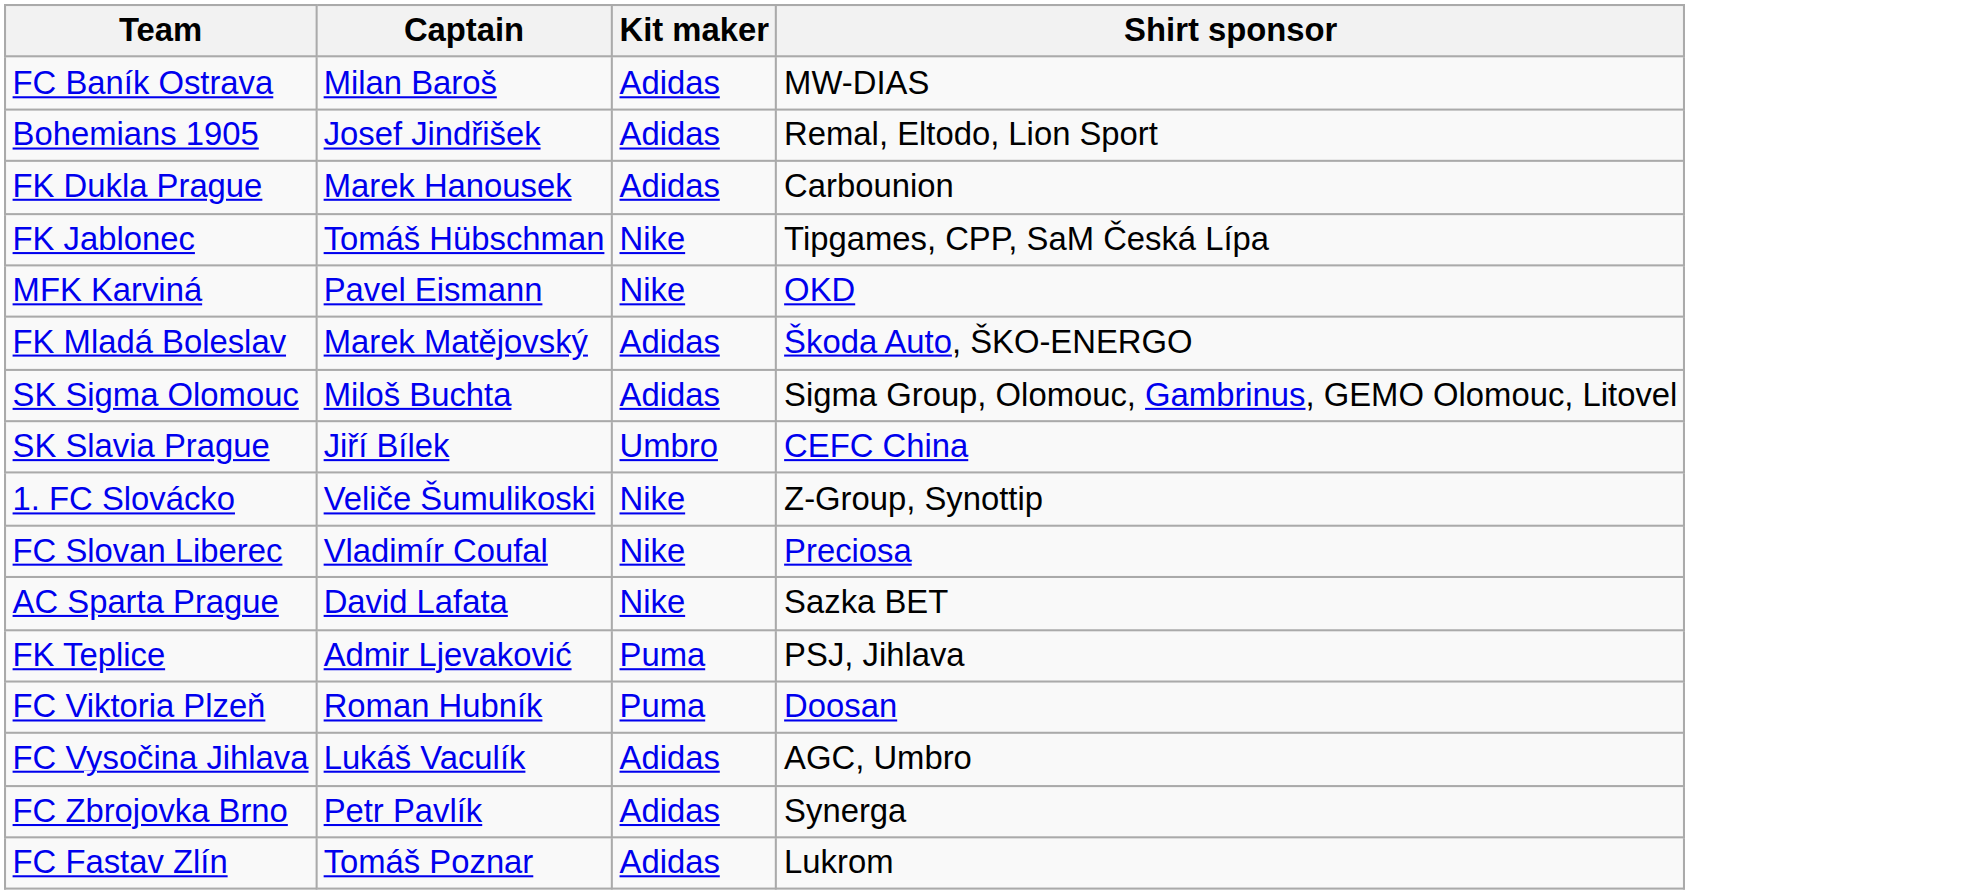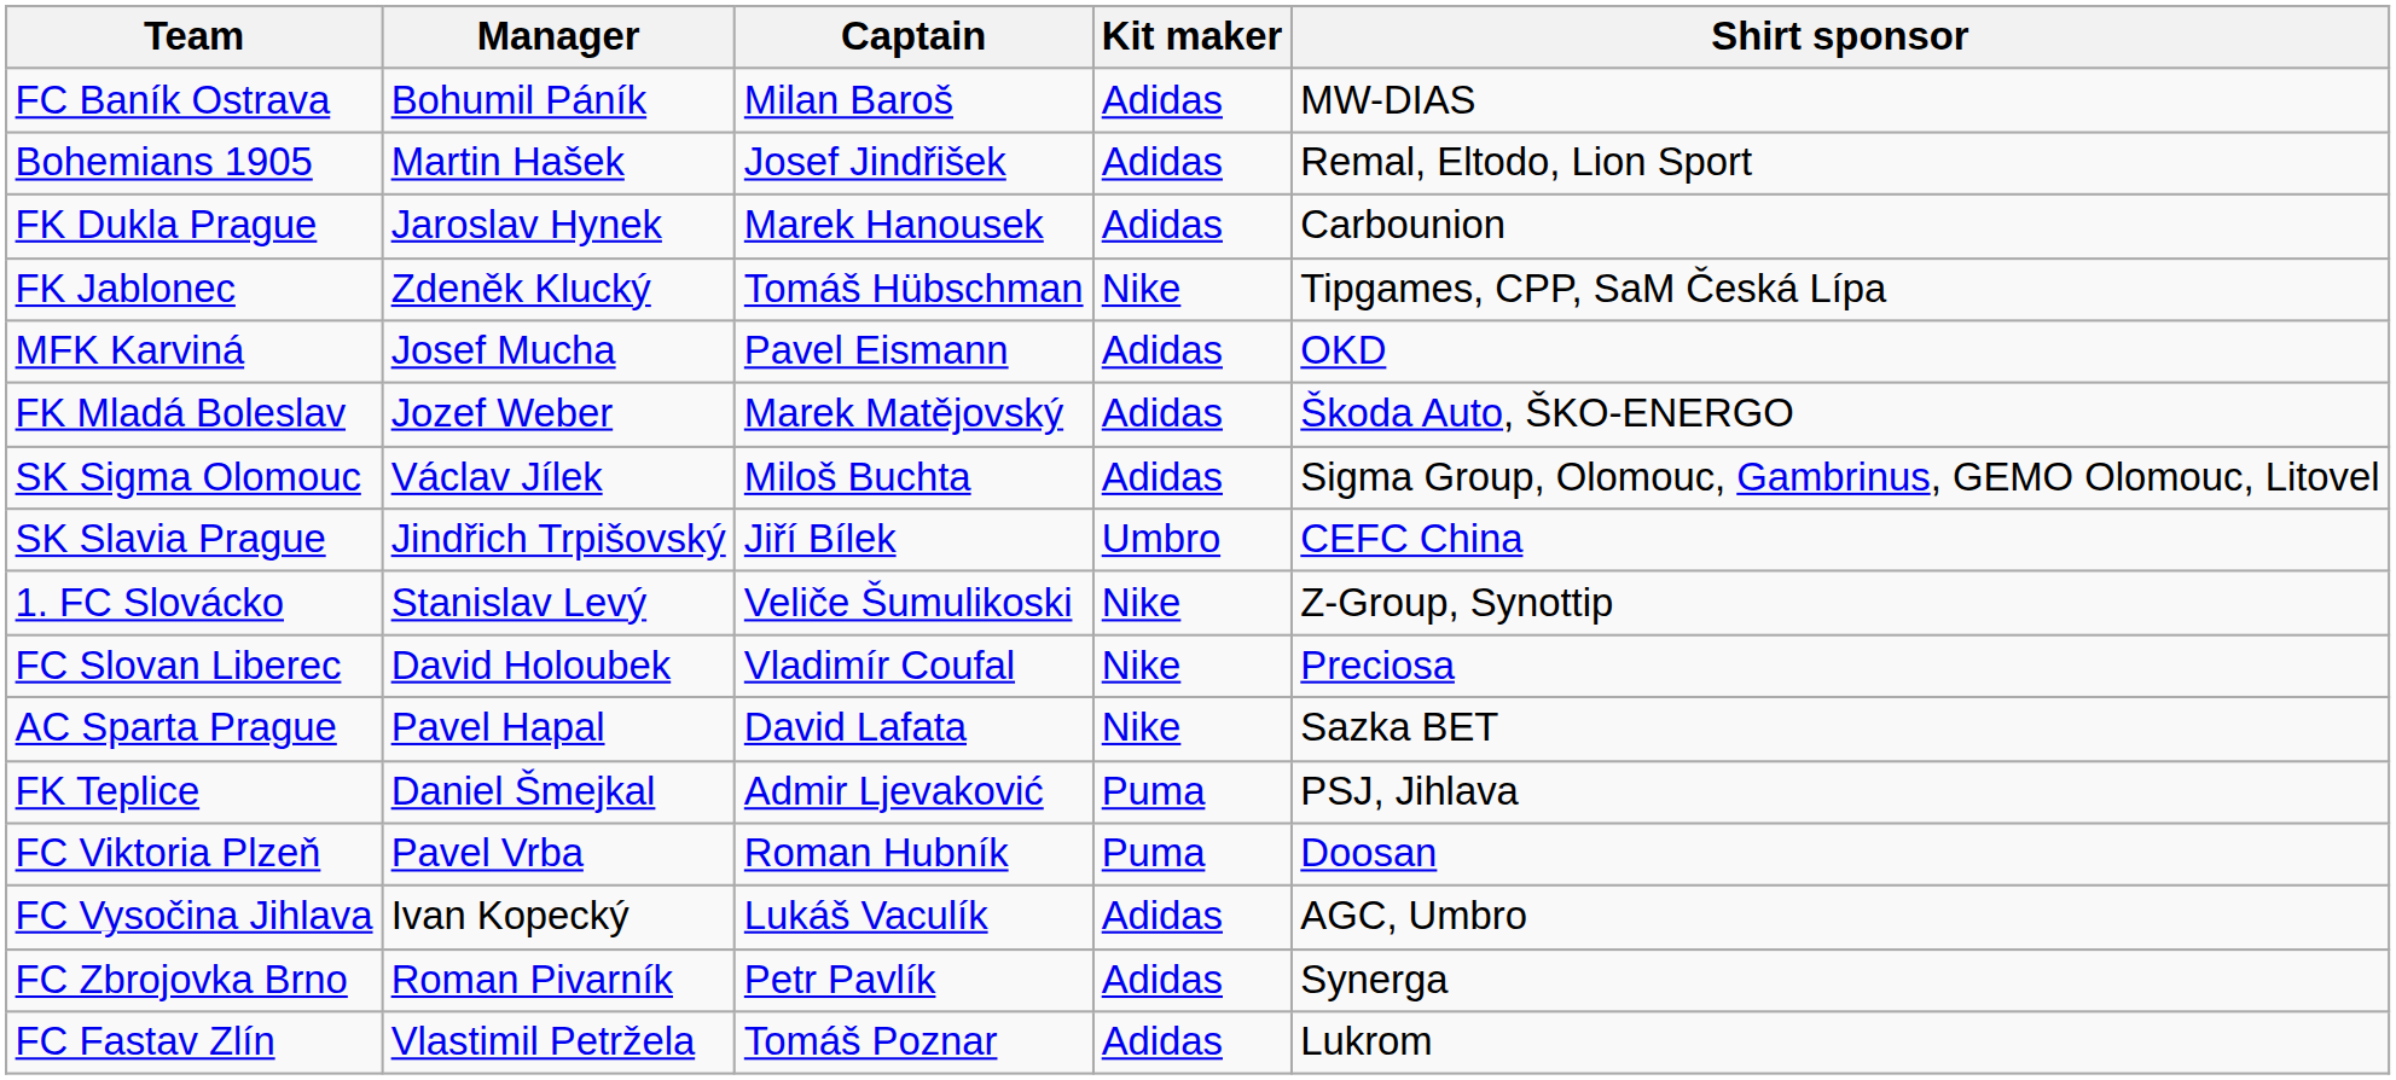 <table class="wikitable sortable">
 <tr>
 <th>Team</th>
+<th>Manager</th>
 <th>Captain</th>
 <th>Kit maker</th>
 <th>Shirt sponsor</th>
 </tr>
 <tr>
 <td data-sort-value="Baník Ostrava"><a href='#'>FC Baník Ostrava</a></td>
+<td align="left" data-sort-value="Páník, Bohumil"> <a href='#'>Bohumil Páník</a></td>
 <td align="left" data-sort-value="Baroš, Milan"> <a href='#'>Milan Baroš</a></td>
 <td><a href='#'>Adidas</a></td>
 <td>MW-DIAS</td>
 </tr>
 <tr>
 <td data-sort-value="Bohemians 1905"><a href='#'>Bohemians 1905</a></td>
+<td align="left" data-sort-value="Hašek, Martin"> <a href='#'>Martin Hašek</a></td>
 <td align="left" data-sort-value="Jindřišek, Josef"> <a href='#'>Josef Jindřišek</a></td>
 <td><a href='#'>Adidas</a></td>
 <td>Remal, Eltodo, Lion Sport</td>
 </tr>
 <tr>
 <td data-sort-value="Dukla Prague"><a href='#'>FK Dukla Prague</a></td>
+<td align="left" data-sort-value="Hynek, Jaroslav"> <a href='#'>Jaroslav Hynek</a></td>
 <td align="left" data-sort-value="Hanousek, Marek"> <a href='#'>Marek Hanousek</a></td>
 <td><a href='#'>Adidas</a></td>
 <td>Carbounion</td>
 </tr>
 <tr>
 <td data-sort-value="Jablonec"><a href='#'>FK Jablonec</a></td>
+<td align="left" data-sort-value="Klucký, Zdeněk"> <a href='#'>Zdeněk Klucký</a></td>
 <td align="left" data-sort-value="Hübschman, Tomáš"> <a href='#'>Tomáš Hübschman</a></td>
 <td><a href='#'>Nike</a></td>
 <td>Tipgames, CPP, SaM Česká Lípa</td>
 </tr>
 <tr>
 <td data-sort-value="Karviná"><a href='#'>MFK Karviná</a></td>
+<td align="left" data-sort-value="Mucha, Josef"> <a href='#'>Josef Mucha</a></td>
 <td align="left" data-sort-value="Eismann, Pavel"> <a href='#'>Pavel Eismann</a></td>
-<td><a href='#'>Nike</a></td>
+<td><a href='#'>Adidas</a></td>
 <td><a href='#'>OKD</a></td>
 </tr>
 <tr>
 <td data-sort-value="Mladá Boleslav"><a href='#'>FK Mladá Boleslav</a></td>
+<td align="left" data-sort-value="Weber, Jozef"> <a href='#'>Jozef Weber</a></td>
 <td align="left" data-sort-value="Matějovský, Marek"> <a href='#'>Marek Matějovský</a></td>
 <td><a href='#'>Adidas</a></td>
 <td><a href='#'>Škoda Auto</a>, ŠKO-ENERGO</td>
 </tr>
 <tr>
 <td data-sort-value="Sigma Olomouc"><a href='#'>SK Sigma Olomouc</a></td>
+<td align="left" data-sort-value="Jílek, Václav"> <a href='#'>Václav Jílek</a></td>
 <td align="left" data-sort-value="Buchta, Miloš"> <a href='#'>Miloš Buchta</a></td>
 <td><a href='#'>Adidas</a></td>
 <td>Sigma Group, Olomouc, <a href='#'>Gambrinus</a>, GEMO Olomouc, Litovel</td>
 </tr>
 <tr>
 <td data-sort-value="Slavia Prague"><a href='#'>SK Slavia Prague</a></td>
+<td align="left" data-sort-value="Trpišovský, Jindřich"> <a href='#'>Jindřich Trpišovský</a></td>
 <td align="left" data-sort-value="Bílek, Jiří"> <a href='#'>Jiří Bílek</a></td>
 <td><a href='#'>Umbro</a></td>
 <td><a href='#'>CEFC China</a></td>
 </tr>
 <tr>
 <td data-sort-value="Slovácko"><a href='#'>1. FC Slovácko</a></td>
+<td align="left" data-sort-value="Levý,Stanislav"> <a href='#'>Stanislav Levý</a></td>
 <td align="left" data-sort-value="Šumulikoski, Veliče"> <a href='#'>Veliče Šumulikoski</a></td>
 <td><a href='#'>Nike</a></td>
 <td>Z-Group, Synottip</td>
 </tr>
 <tr>
 <td data-sort-value="Slovan Liberec"><a href='#'>FC Slovan Liberec</a></td>
+<td align="left" data-sort-value="Holoubek, David"> <a href='#'>David Holoubek</a></td>
 <td align="left" data-sort-value="Coufal, Vladimír"> <a href='#'>Vladimír Coufal</a></td>
 <td><a href='#'>Nike</a></td>
 <td><a href='#'>Preciosa</a></td>
 </tr>
 <tr>
 <td data-sort-value="Sparta Prague"><a href='#'>AC Sparta Prague</a></td>
+<td align="left" data-sort-value="Hapal, Pavel"> <a href='#'>Pavel Hapal</a></td>
 <td align="left" data-sort-value="Lafata, David"> <a href='#'>David Lafata</a></td>
 <td><a href='#'>Nike</a></td>
 <td>Sazka BET</td>
 </tr>
 <tr>
 <td data-sort-value="Teplice"><a href='#'>FK Teplice</a></td>
+<td align="left" data-sort-value="Šmejkal, Daniel"> <a href='#'>Daniel Šmejkal</a></td>
 <td align="left" data-sort-value="Ljevaković, Admir"> <a href='#'>Admir Ljevaković</a></td>
 <td><a href='#'>Puma</a></td>
 <td>PSJ, Jihlava</td>
 </tr>
 <tr>
 <td data-sort-value="Viktoria Plzeň"><a href='#'>FC Viktoria Plzeň</a></td>
+<td align="left" data-sort-value="Vrba, Pavel"> <a href='#'>Pavel Vrba</a></td>
 <td align="left" data-sort-value="Hubník, Roman"> <a href='#'>Roman Hubník</a></td>
 <td><a href='#'>Puma</a></td>
 <td><a href='#'>Doosan</a></td>
 </tr>
 <tr>
 <td data-sort-value="Vysočina Jihlava"><a href='#'>FC Vysočina Jihlava</a></td>
+<td align="left" data-sort-value="Kopecký, Ivan"> Ivan Kopecký</td>
 <td align="left" data-sort-value="Vaculík, Lukáš"> <a href='#'>Lukáš Vaculík</a></td>
 <td><a href='#'>Adidas</a></td>
 <td>AGC, Umbro</td>
 </tr>
 <tr>
 <td data-sort-value="Zbrojovka Brno"><a href='#'>FC Zbrojovka Brno</a></td>
+<td align="left"> <a href='#'>Roman Pivarník</a></td>
 <td align="left" data-sort-value="Pavlík, Petr"> <a href='#'>Petr Pavlík</a></td>
 <td><a href='#'>Adidas</a></td>
 <td>Synerga</td>
 </tr>
 <tr>
 <td data-sort-value="Fastav Zlín"><a href='#'>FC Fastav Zlín</a></td>
+<td align="left" data-sort-value="Petržela, Vlastimil"> <a href='#'>Vlastimil Petržela</a></td>
 <td align="left" data-sort-value="Poznar, Tomáš"> <a href='#'>Tomáš Poznar</a></td>
 <td><a href='#'>Adidas</a></td>
 <td>Lukrom</td>
 </tr>
 </table>
